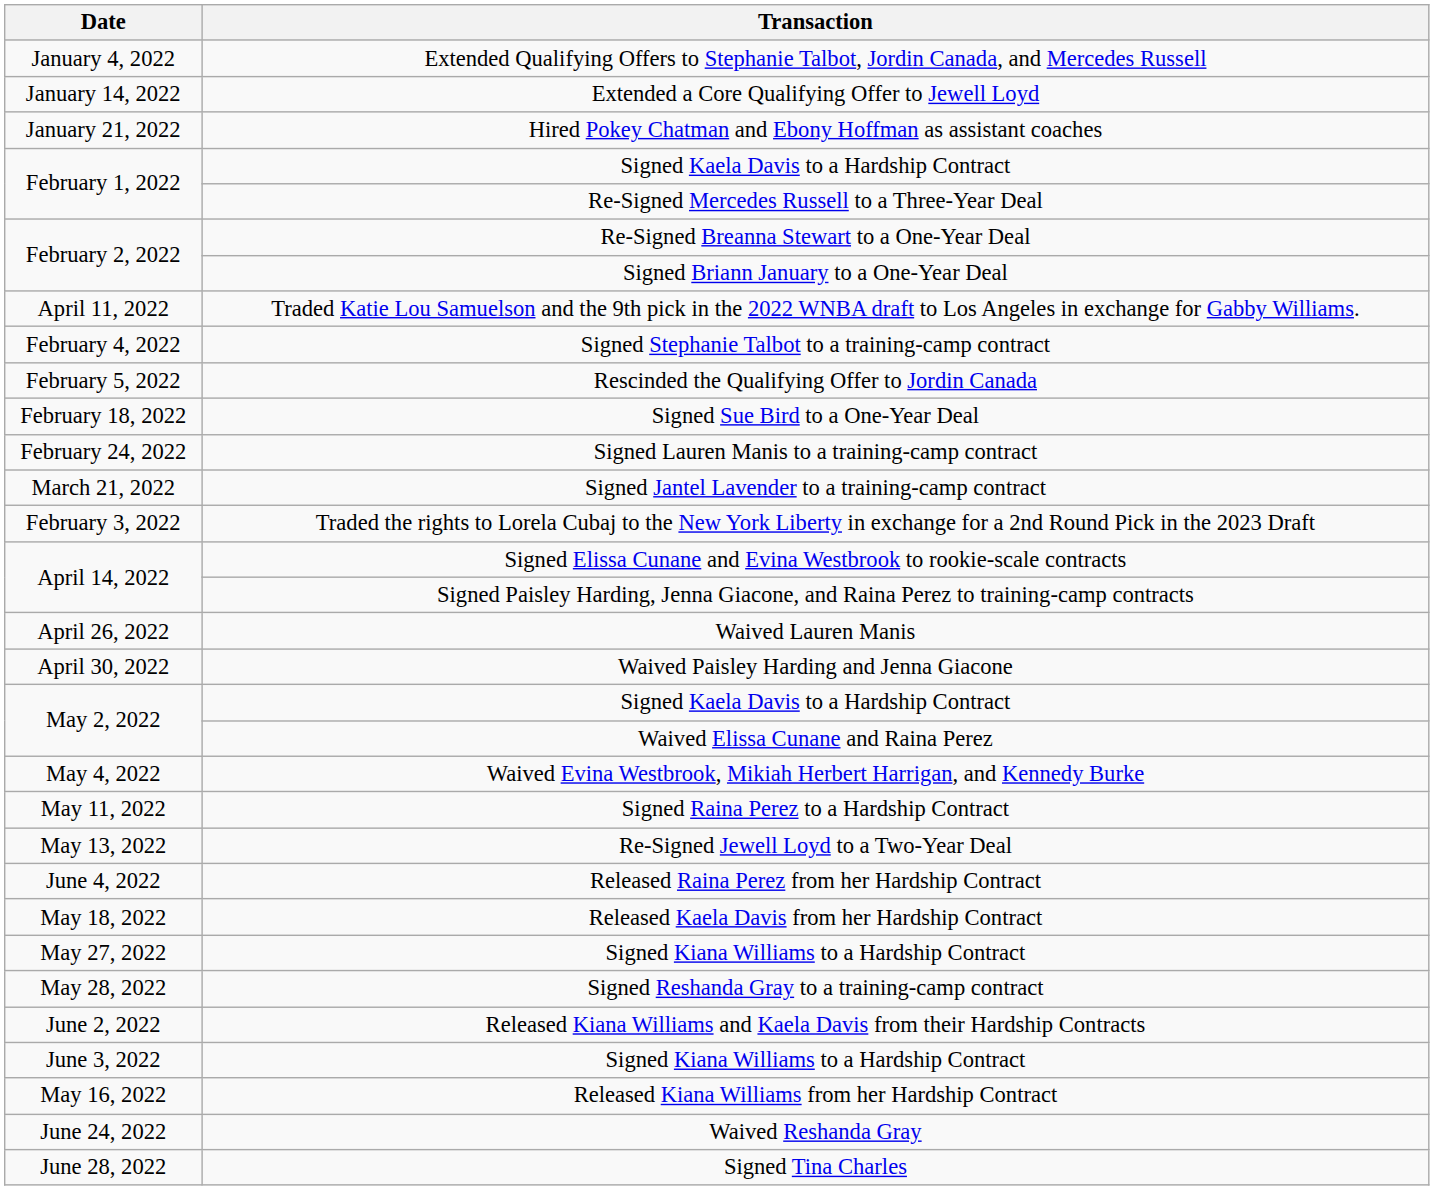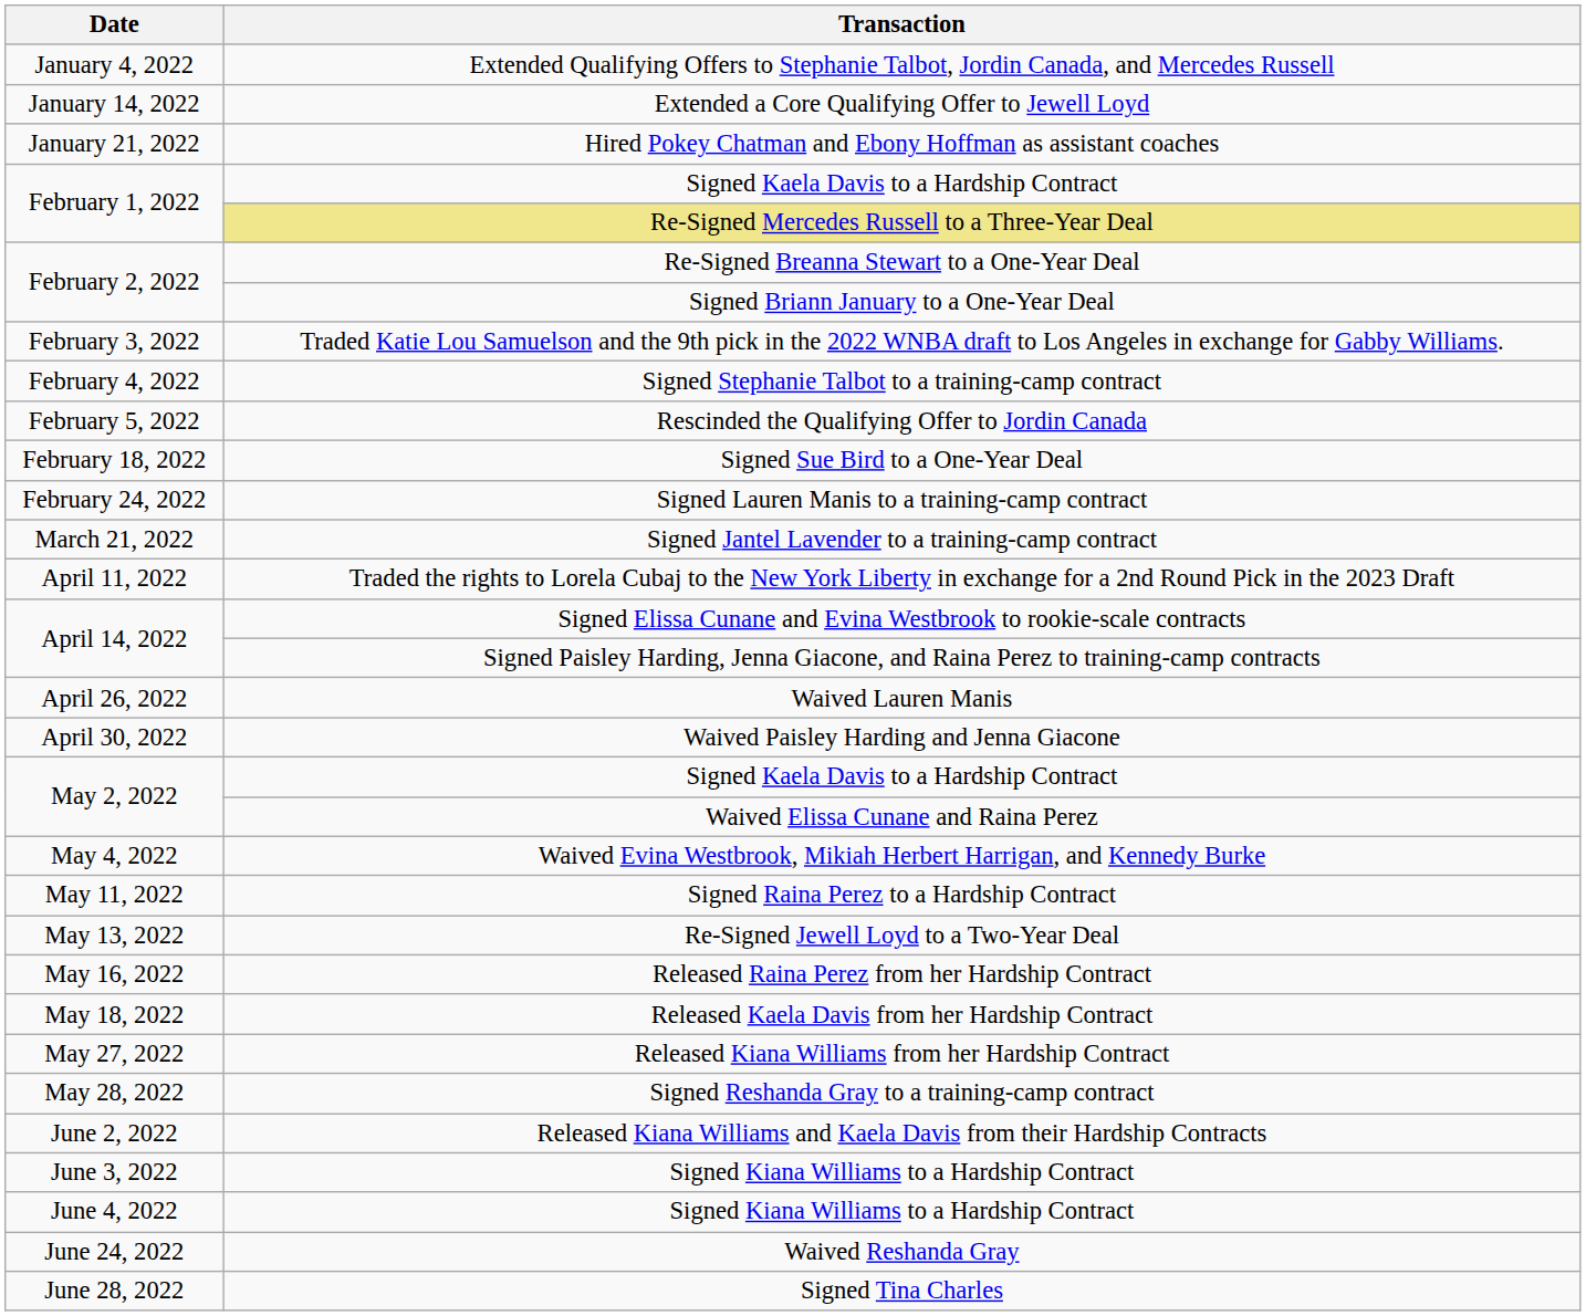 <table class="wikitable" style="width:80%; text-align: center">
 <tr>
 <th>Date</th>
 <th>Transaction</th>
 </tr>
 <tr>
 <td>January 4, 2022</td>
 <td>Extended Qualifying Offers to <a href='#'>Stephanie Talbot</a>, <a href='#'>Jordin Canada</a>, and <a href='#'>Mercedes Russell</a></td>
 </tr>
 <tr>
 <td>January 14, 2022</td>
 <td>Extended a Core Qualifying Offer to <a href='#'>Jewell Loyd</a></td>
 </tr>
 <tr>
 <td>January 21, 2022</td>
 <td>Hired <a href='#'>Pokey Chatman</a> and <a href='#'>Ebony Hoffman</a> as assistant coaches</td>
 </tr>
 <tr>
 <td rowspan=2>February 1, 2022</td>
 <td>Signed <a href='#'>Kaela Davis</a> to a Hardship Contract</td>
 </tr>
 <tr>
-<td>Re-Signed <a href='#'>Mercedes Russell</a> to a Three-Year Deal</td>
+<td style="background: khaki;">Re-Signed <a href='#'>Mercedes Russell</a> to a Three-Year Deal</td>
 </tr>
 <tr>
 <td rowspan=2>February 2, 2022</td>
 <td>Re-Signed <a href='#'>Breanna Stewart</a> to a One-Year Deal</td>
 </tr>
 <tr>
 <td>Signed <a href='#'>Briann January</a> to a One-Year Deal</td>
 </tr>
 <tr>
-<td>April 11, 2022</td>
+<td>February 3, 2022</td>
 <td>Traded <a href='#'>Katie Lou Samuelson</a> and the 9th pick in the <a href='#'>2022 WNBA draft</a> to Los Angeles in exchange for <a href='#'>Gabby Williams</a>.</td>
 </tr>
 <tr>
 <td>February 4, 2022</td>
 <td>Signed <a href='#'>Stephanie Talbot</a> to a training-camp contract</td>
 </tr>
 <tr>
 <td>February 5, 2022</td>
 <td>Rescinded the Qualifying Offer to <a href='#'>Jordin Canada</a></td>
 </tr>
 <tr>
 <td>February 18, 2022</td>
 <td>Signed <a href='#'>Sue Bird</a> to a One-Year Deal</td>
 </tr>
 <tr>
 <td>February 24, 2022</td>
 <td>Signed Lauren Manis to a training-camp contract</td>
 </tr>
 <tr>
 <td>March 21, 2022</td>
 <td>Signed <a href='#'>Jantel Lavender</a> to a training-camp contract</td>
 </tr>
 <tr>
-<td>February 3, 2022</td>
+<td>April 11, 2022</td>
 <td>Traded the rights to Lorela Cubaj to the <a href='#'>New York Liberty</a> in exchange for a 2nd Round Pick in the 2023 Draft</td>
 </tr>
 <tr>
 <td rowspan=2>April 14, 2022</td>
 <td>Signed <a href='#'>Elissa Cunane</a> and <a href='#'>Evina Westbrook</a> to rookie-scale contracts</td>
 </tr>
 <tr>
 <td>Signed Paisley Harding, Jenna Giacone, and Raina Perez to training-camp contracts</td>
 </tr>
 <tr>
 <td>April 26, 2022</td>
 <td>Waived Lauren Manis</td>
 </tr>
 <tr>
 <td>April 30, 2022</td>
 <td>Waived Paisley Harding and Jenna Giacone</td>
 </tr>
 <tr>
 <td rowspan=2>May 2, 2022</td>
 <td>Signed <a href='#'>Kaela Davis</a> to a Hardship Contract</td>
 </tr>
 <tr>
 <td>Waived <a href='#'>Elissa Cunane</a> and Raina Perez</td>
 </tr>
 <tr>
 <td>May 4, 2022</td>
 <td>Waived <a href='#'>Evina Westbrook</a>, <a href='#'>Mikiah Herbert Harrigan</a>, and <a href='#'>Kennedy Burke</a></td>
 </tr>
 <tr>
 <td>May 11, 2022</td>
 <td>Signed <a href='#'>Raina Perez</a> to a Hardship Contract</td>
 </tr>
 <tr>
 <td>May 13, 2022</td>
 <td>Re-Signed <a href='#'>Jewell Loyd</a> to a Two-Year Deal</td>
 </tr>
 <tr>
-<td>June 4, 2022</td>
+<td>May 16, 2022</td>
 <td>Released <a href='#'>Raina Perez</a> from her Hardship Contract</td>
 </tr>
 <tr>
 <td>May 18, 2022</td>
 <td>Released <a href='#'>Kaela Davis</a> from her Hardship Contract</td>
 </tr>
 <tr>
 <td>May 27, 2022</td>
-<td>Signed <a href='#'>Kiana Williams</a> to a Hardship Contract</td>
+<td>Released <a href='#'>Kiana Williams</a> from her Hardship Contract</td>
 </tr>
 <tr>
 <td>May 28, 2022</td>
 <td>Signed <a href='#'>Reshanda Gray</a> to a training-camp contract</td>
 </tr>
 <tr>
 <td>June 2, 2022</td>
 <td>Released <a href='#'>Kiana Williams</a> and <a href='#'>Kaela Davis</a> from their Hardship Contracts</td>
 </tr>
 <tr>
 <td>June 3, 2022</td>
 <td>Signed <a href='#'>Kiana Williams</a> to a Hardship Contract</td>
 </tr>
 <tr>
-<td>May 16, 2022</td>
-<td>Released <a href='#'>Kiana Williams</a> from her Hardship Contract</td>
+<td>June 4, 2022</td>
+<td>Signed <a href='#'>Kiana Williams</a> to a Hardship Contract</td>
 </tr>
 <tr>
 <td>June 24, 2022</td>
 <td>Waived <a href='#'>Reshanda Gray</a></td>
 </tr>
 <tr>
 <td>June 28, 2022</td>
 <td>Signed <a href='#'>Tina Charles</a></td>
 </tr>
 </table>
